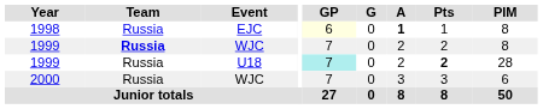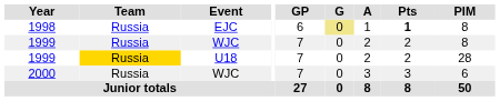 <table border="0" cellpadding="1" cellspacing="0" ID="Table3" style="text-align:center; width:40em">
 <tr style="background:#e0e0e0;">
 <th>Year</th>
 <th>Team</th>
 <th>Event</th>
 <th rowspan="102" style="background:#fff;"></th>
 <th>GP</th>
 <th>G</th>
 <th>A</th>
 <th>Pts</th>
 <th>PIM</th>
 </tr>
 <tr>
 <td><a href='#'>1998</a></td>
 <td><a href='#'>Russia</a></td>
 <td><a href='#'>EJC</a></td>
-<td style="background: lightyellow;">6</td>
-<td>0</td>
+<td>6</td>
+<td style="background: khaki;">0</td>
+<td>1</td>
 <td><strong>1</strong></td>
-<td>1</td>
 <td>8</td>
 </tr>
 <tr style="background:#f0f0f0;">
 <td><a href='#'>1999</a></td>
-<td><strong><a href='#'>Russia</a></strong></td>
+<td><a href='#'>Russia</a></td>
 <td><a href='#'>WJC</a></td>
 <td>7</td>
 <td>0</td>
 <td>2</td>
 <td>2</td>
 <td>8</td>
 </tr>
 <tr>
 <td><a href='#'>1999</a></td>
-<td>Russia</td>
+<td style="background: gold;">Russia</td>
 <td><a href='#'>U18</a></td>
-<td style="background: paleturquoise;">7</td>
+<td>7</td>
 <td>0</td>
 <td>2</td>
-<td><strong>2</strong></td>
+<td>2</td>
 <td>28</td>
 </tr>
 <tr style="background:#f0f0f0;">
 <td><a href='#'>2000</a></td>
 <td>Russia</td>
 <td>WJC</td>
 <td>7</td>
 <td>0</td>
 <td>3</td>
 <td>3</td>
 <td>6</td>
 </tr>
 <tr style="background:#e0e0e0;">
 <th colspan="4">Junior totals</th>
 <th>27</th>
 <th>0</th>
 <th>8</th>
 <th>8</th>
 <th>50</th>
 </tr>
 </table>
